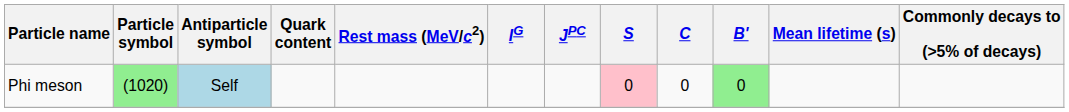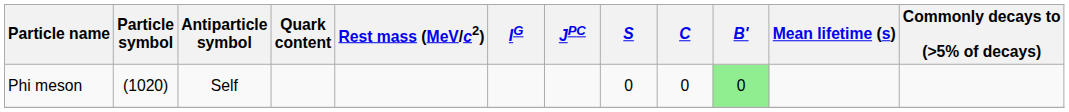 <table class="wikitable">
 <tr>
 <th class=unsortable>Particle name</th>
 <th>Particle <br>symbol</th>
 <th>Antiparticle <br>symbol</th>
 <th class=unsortable>Quark<br>content</th>
 <th><a href='#'>Rest mass</a> (<a href='#'>MeV</a>/<em><a href='#'>c</a></em><sup>2</sup>)</th>
 <th width="50"><em><a href='#'>I</a><sup><a href='#'>G</a></sup></em></th>
 <th width="50"><em><a href='#'>J</a><sup><a href='#'>P</a><a href='#'>C</a></sup></em></th>
 <th width="50"><em><a href='#'>S</a></em></th>
 <th width="50"><em><a href='#'>C</a></em></th>
 <th width="50"><em><a href='#'>B'</a></em></th>
 <th><a href='#'>Mean lifetime</a> (<a href='#'>s</a>)</th>
 <th class=unsortable>Commonly decays to<br><br>(>5% of decays)</th>
 </tr>
 <tr>
 <td>Phi meson</td>
-<td align="center" style="background: lightgreen;">(1020)</td>
-<td align="center" style="background: lightblue;">Self</td>
+<td align="center">(1020)</td>
+<td align="center">Self</td>
 <td align="center"></td>
 <td align="center"></td>
 <td align="center"></td>
 <td align="center"></td>
-<td align="center" style="background: pink;">0</td>
+<td align="center">0</td>
 <td align="center">0</td>
 <td align="center" style="background: lightgreen;">0</td>
 <td align="center"><sup></sup></td>
 <td align="center"><br> <br> </td>
 </tr>
 <tr>
 </tr>
 </table>
